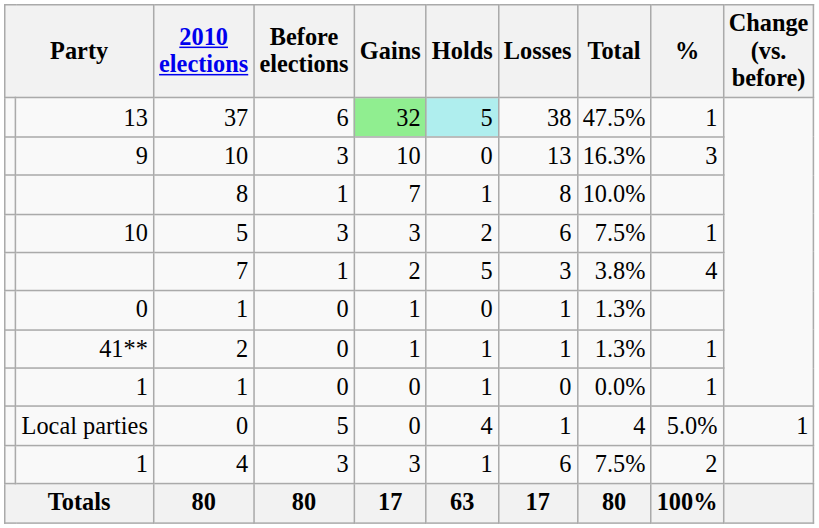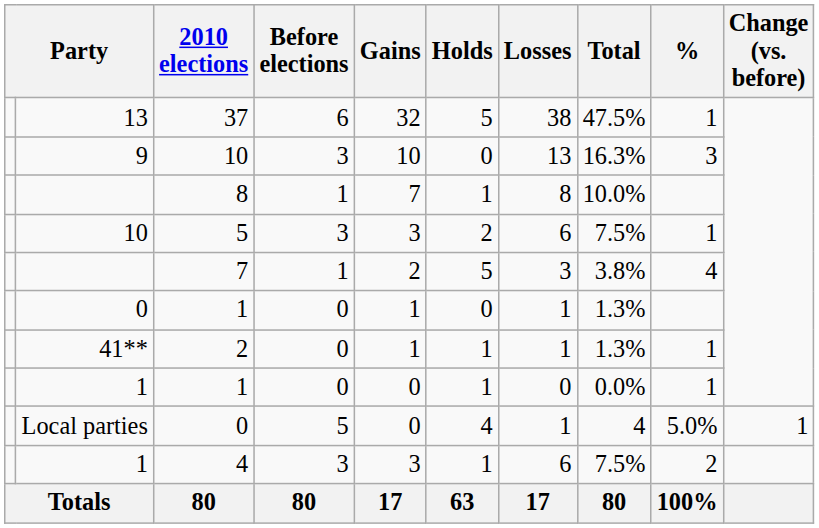 <table class=wikitable style="text-align:right">
 <tr>
 <th colspan=2>Party</th>
 <th width=40px><a href='#'>2010 elections</a></th>
 <th width=40px>Before elections</th>
 <th width=40px>Gains</th>
 <th width=40px>Holds</th>
 <th width=40px>Losses</th>
 <th width=40px>Total</th>
 <th width=40px>%</th>
 <th width=40px>Change (vs. before)</th>
 </tr>
 <tr>
 <td></td>
 <td>13</td>
 <td>37</td>
 <td>6</td>
-<td style="background: lightgreen;">32</td>
-<td style="background: paleturquoise;">5</td>
+<td>32</td>
+<td>5</td>
 <td>38</td>
 <td>47.5%</td>
 <td> 1</td>
 </tr>
 <tr>
 <td></td>
 <td>9</td>
 <td>10</td>
 <td>3</td>
 <td>10</td>
 <td>0</td>
 <td>13</td>
 <td>16.3%</td>
 <td> 3</td>
 </tr>
 <tr>
 <td></td>
 <td></td>
 <td>8</td>
 <td>1</td>
 <td>7</td>
 <td>1</td>
 <td>8</td>
 <td>10.0%</td>
 <td></td>
 </tr>
 <tr>
 <td></td>
 <td>10</td>
 <td>5</td>
 <td>3</td>
 <td>3</td>
 <td>2</td>
 <td>6</td>
 <td>7.5%</td>
 <td> 1</td>
 </tr>
 <tr>
 <td></td>
 <td></td>
 <td>7</td>
 <td>1</td>
 <td>2</td>
 <td>5</td>
 <td>3</td>
 <td>3.8%</td>
 <td> 4</td>
 </tr>
 <tr>
 <td></td>
 <td>0</td>
 <td>1</td>
 <td>0</td>
 <td>1</td>
 <td>0</td>
 <td>1</td>
 <td>1.3%</td>
 <td></td>
 </tr>
 <tr>
 <td></td>
 <td>41**</td>
 <td>2</td>
 <td>0</td>
 <td>1</td>
 <td>1</td>
 <td>1</td>
 <td>1.3%</td>
 <td> 1</td>
 </tr>
 <tr>
 <td></td>
 <td>1</td>
 <td>1</td>
 <td>0</td>
 <td>0</td>
 <td>1</td>
 <td>0</td>
 <td>0.0%</td>
 <td> 1</td>
 </tr>
 <tr>
 <td></td>
 <td align=left>Local parties</td>
 <td>0</td>
 <td>5</td>
 <td>0</td>
 <td>4</td>
 <td>1</td>
 <td>4</td>
 <td>5.0%</td>
 <td> 1</td>
 </tr>
 <tr>
 <td></td>
 <td>1</td>
 <td>4</td>
 <td>3</td>
 <td>3</td>
 <td>1</td>
 <td>6</td>
 <td>7.5%</td>
 <td> 2</td>
 </tr>
 <tr>
 <th colspan=2>Totals</th>
 <th>80</th>
 <th>80</th>
 <th>17</th>
 <th>63</th>
 <th>17</th>
 <th>80</th>
 <th>100%</th>
 <th></th>
 </tr>
 </table>
